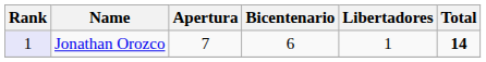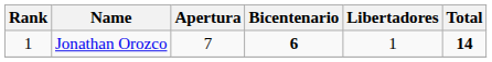 <table class="wikitable" style="text-align: center">
 <tr>
 <th>Rank</th>
 <th>Name</th>
 <th>Apertura</th>
 <th>Bicentenario</th>
 <th>Libertadores</th>
 <th>Total</th>
 </tr>
 <tr>
-<td style="background: lavender;">1</td>
+<td>1</td>
 <td align=left> <a href='#'>Jonathan Orozco</a></td>
 <td>7</td>
-<td>6</td>
+<td><strong>6</strong></td>
 <td>1</td>
 <td><strong>14</strong></td>
 </tr>
 <tr>
 </tr>
 </table>
